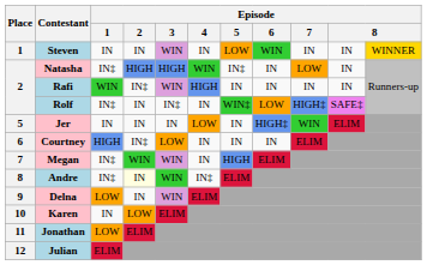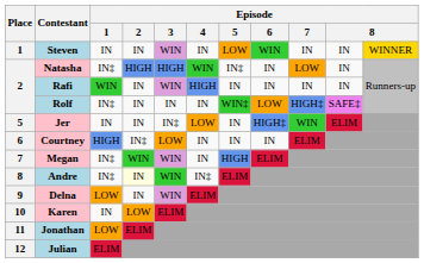 <table class="wikitable" style="text-align: center; font-size: 10pt;">
 <tr>
 <th rowspan="2">Place</th>
 <th rowspan="2">Contestant</th>
 <th colspan="18">Episode</th>
 </tr>
 <tr>
 <th>1</th>
 <th>2</th>
 <th>3</th>
 <th>4</th>
 <th>5</th>
 <th>6</th>
 <th>7</th>
 <th colspan="2">8</th>
 </tr>
 <tr>
 <th>1</th>
 <th style="background:lightblue">Steven</th>
 <td>IN</td>
 <td>IN</td>
 <td style="background:plum">WIN</td>
 <td>IN</td>
 <td style="background:orange">LOW</td>
 <td style="background:limegreen">WIN</td>
 <td>IN</td>
 <td>IN</td>
 <td style="background:gold">WINNER</td>
 </tr>
 <tr>
 <th rowspan="3">2</th>
 <th style="background:pink">Natasha</th>
 <td>IN‡</td>
 <td style="background:cornflowerblue">HIGH</td>
 <td style="background:cornflowerblue">HIGH</td>
 <td style="background:limegreen">WIN</td>
 <td>IN‡</td>
 <td>IN</td>
 <td style="background:orange">LOW</td>
 <td>IN</td>
 <td rowspan="3" style="background:silver">Runners-up</td>
 </tr>
 <tr>
 <th style="background:lightblue">Rafi</th>
 <td style="background:limegreen">WIN</td>
-<td>IN‡</td>
+<td>IN</td>
 <td style="background:plum">WIN</td>
 <td style="background:cornflowerblue">HIGH</td>
 <td>IN</td>
 <td>IN</td>
 <td>IN</td>
 <td>IN</td>
 </tr>
 <tr>
 <th style="background:lightblue">Rolf</th>
 <td>IN‡</td>
 <td>IN</td>
-<td>IN‡</td>
+<td>IN</td>
 <td>IN</td>
 <td style="background:limegreen">WIN‡</td>
 <td style="background:orange">LOW</td>
 <td style="background:cornflowerblue">HIGH‡</td>
 <td style="background:violet">SAFE‡</td>
 </tr>
 <tr>
 <th>5</th>
 <th style="background:pink">Jer</th>
 <td>IN</td>
 <td>IN</td>
-<td>IN</td>
+<td>IN‡</td>
 <td style="background:orange">LOW</td>
 <td>IN</td>
 <td style="background:cornflowerblue">HIGH‡</td>
 <td style="background:limegreen">WIN</td>
 <td style="background:crimson">ELIM</td>
 <td colspan="13" style="background:Darkgrey;"></td>
 </tr>
 <tr>
 <th>6</th>
 <th style="background:pink">Courtney</th>
 <td style="background:cornflowerblue">HIGH</td>
 <td>IN‡</td>
 <td style="background:orange">LOW</td>
 <td>IN</td>
 <td>IN</td>
 <td>IN</td>
 <td style="background:crimson">ELIM</td>
 <td colspan="13" style="background:Darkgrey;"></td>
 </tr>
 <tr>
 <th>7</th>
 <th style="background:pink">Megan</th>
 <td>IN‡</td>
 <td style="background:limegreen">WIN</td>
 <td style="background:plum">WIN</td>
 <td>IN</td>
 <td style="background:cornflowerblue">HIGH</td>
 <td style="background:crimson">ELIM</td>
 <td colspan="13" style="background:Darkgrey;"></td>
 </tr>
 <tr>
 <th>8</th>
 <th style="background:lightblue">Andre</th>
 <td>IN‡</td>
 <td style="background: lightyellow;">IN</td>
 <td style="background:limegreen">WIN</td>
 <td>IN‡</td>
 <td style="background:crimson">ELIM</td>
 <td colspan="13" style="background:Darkgrey;"></td>
 </tr>
 <tr>
 <th>9</th>
 <th style="background:pink">Delna</th>
 <td style="background:orange">LOW</td>
 <td>IN</td>
 <td style="background:plum">WIN</td>
 <td style="background:crimson">ELIM</td>
 <td colspan="13" style="background:Darkgrey;"></td>
 </tr>
 <tr>
 <th>10</th>
 <th style="background:pink">Karen</th>
 <td>IN</td>
 <td style="background:orange">LOW</td>
 <td style="background:crimson">ELIM</td>
 <td colspan="13" style="background:Darkgrey;"></td>
 </tr>
 <tr>
 <th>11</th>
 <th style="background:lightblue">Jonathan</th>
 <td style="background:orange">LOW</td>
 <td style="background:crimson">ELIM</td>
 <td colspan="13" style="background:Darkgrey;"></td>
 </tr>
 <tr>
 <th>12</th>
 <th style="background:lightblue">Julian</th>
 <td style="background:crimson">ELIM</td>
 <td colspan="13" style="background:Darkgrey;"></td>
 </tr>
 </table>
